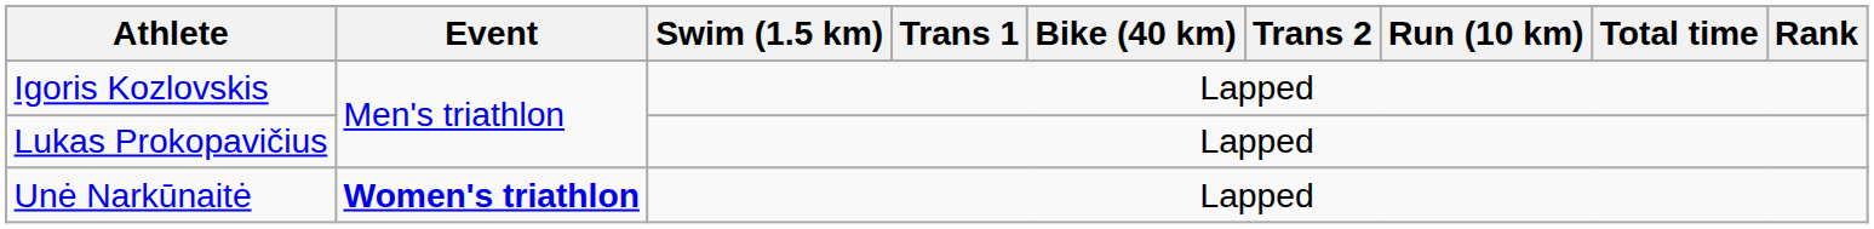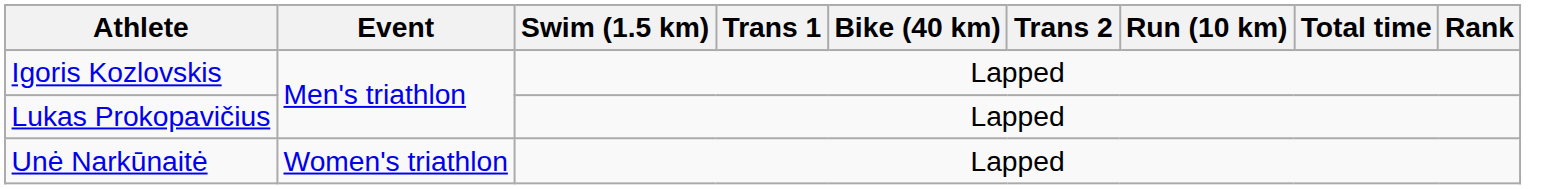 <table class="wikitable" style="font-size:90%;">
 <tr>
 <th>Athlete</th>
 <th>Event</th>
 <th>Swim (1.5 km)</th>
 <th>Trans 1</th>
 <th>Bike (40 km)</th>
 <th>Trans 2</th>
 <th>Run (10 km)</th>
 <th>Total time</th>
 <th>Rank</th>
 </tr>
 <tr align=center>
 <td align=left><a href='#'>Igoris Kozlovskis</a></td>
 <td style="text-align:left;" rowspan="2"><a href='#'>Men's triathlon</a></td>
 <td colspan=7>Lapped</td>
 </tr>
 <tr align=center>
 <td align=left><a href='#'>Lukas Prokopavičius</a></td>
 <td colspan=7>Lapped</td>
 </tr>
 <tr align=center>
 <td align=left><a href='#'>Unė Narkūnaitė</a></td>
-<td style="text-align:left;"><strong><a href='#'>Women's triathlon</a></strong></td>
+<td style="text-align:left;"><a href='#'>Women's triathlon</a></td>
 <td colspan=7>Lapped</td>
 </tr>
 </table>
